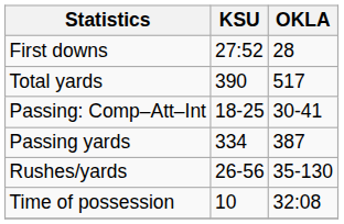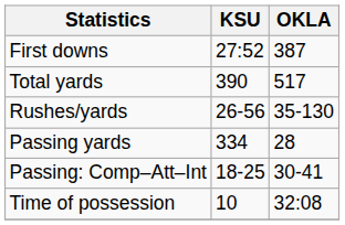 <table class="wikitable" style="float: left;">
 <tr>
 <th>Statistics</th>
 <th>KSU</th>
 <th>OKLA</th>
 </tr>
 <tr>
 <td>First downs</td>
 <td>27:52</td>
-<td>28</td>
+<td>387</td>
 </tr>
 <tr>
 <td>Total yards</td>
 <td>390</td>
 <td>517</td>
 </tr>
 <tr>
-<td>Passing: Comp–Att–Int</td>
-<td>18-25</td>
-<td>30-41</td>
+<td>Rushes/yards</td>
+<td>26-56</td>
+<td>35-130</td>
 </tr>
 <tr>
 <td>Passing yards</td>
 <td>334</td>
-<td>387</td>
+<td>28</td>
 </tr>
 <tr>
-<td>Rushes/yards</td>
-<td>26-56</td>
-<td>35-130</td>
+<td>Passing: Comp–Att–Int</td>
+<td>18-25</td>
+<td>30-41</td>
 </tr>
 <tr>
 <td>Time of possession</td>
 <td>10</td>
 <td>32:08</td>
 </tr>
 <tr>
 </tr>
 </table>
